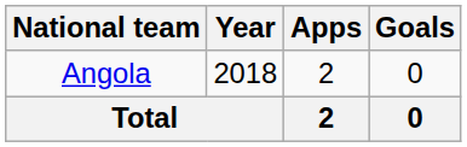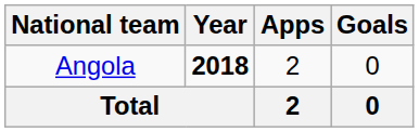 <table class="wikitable" style="text-align:center">
 <tr>
 <th>National team</th>
 <th>Year</th>
 <th>Apps</th>
 <th>Goals</th>
 </tr>
 <tr>
 <td rowspan="1"><a href='#'>Angola</a></td>
-<td>2018</td>
+<td><strong>2018</strong></td>
 <td>2</td>
 <td>0</td>
 </tr>
 <tr>
 <th colspan=2>Total</th>
 <th>2</th>
 <th>0</th>
 </tr>
 </table>
